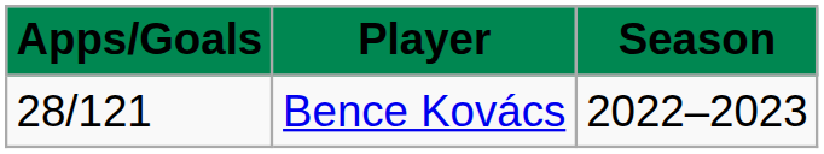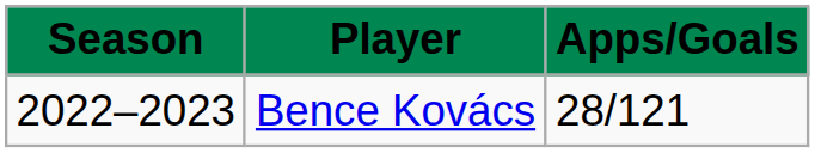 <table class="wikitable">
 <tr>
+<th style="color:black; background:#008751">Season</th>
+<th style="color:black; background:#008751">Player</th>
 <th style="color:black; background:#008751">Apps/Goals</th>
-<th style="color:black; background:#008751">Player</th>
-<th style="color:black; background:#008751">Season</th>
 </tr>
 <tr>
+<td>2022–2023</td>
+<td> <a href='#'>Bence Kovács</a></td>
 <td>28/121</td>
-<td> <a href='#'>Bence Kovács</a></td>
-<td>2022–2023</td>
 </tr>
 </table>
